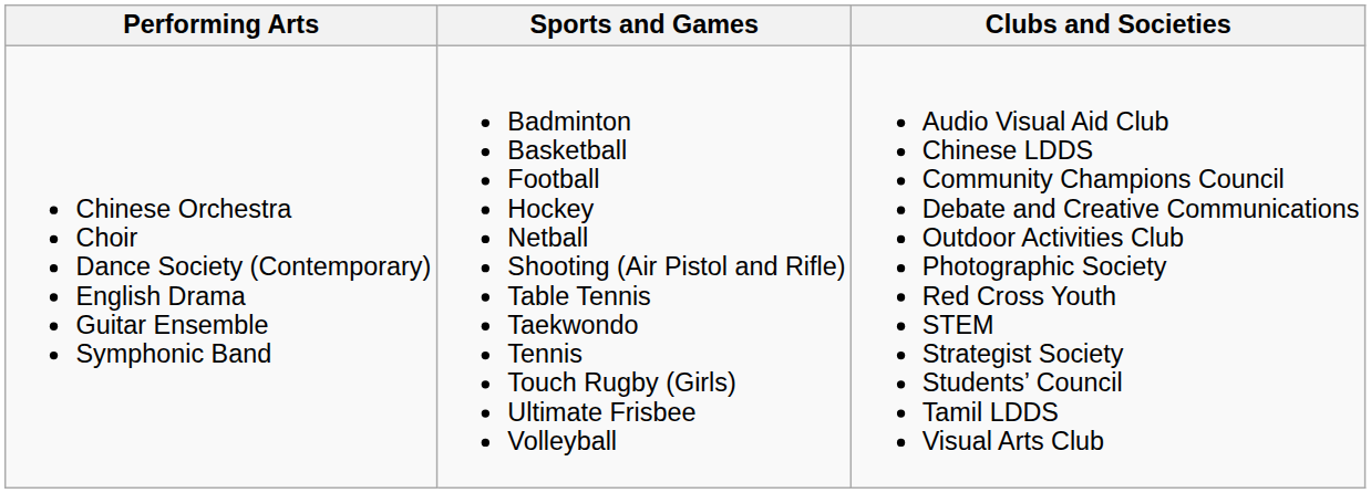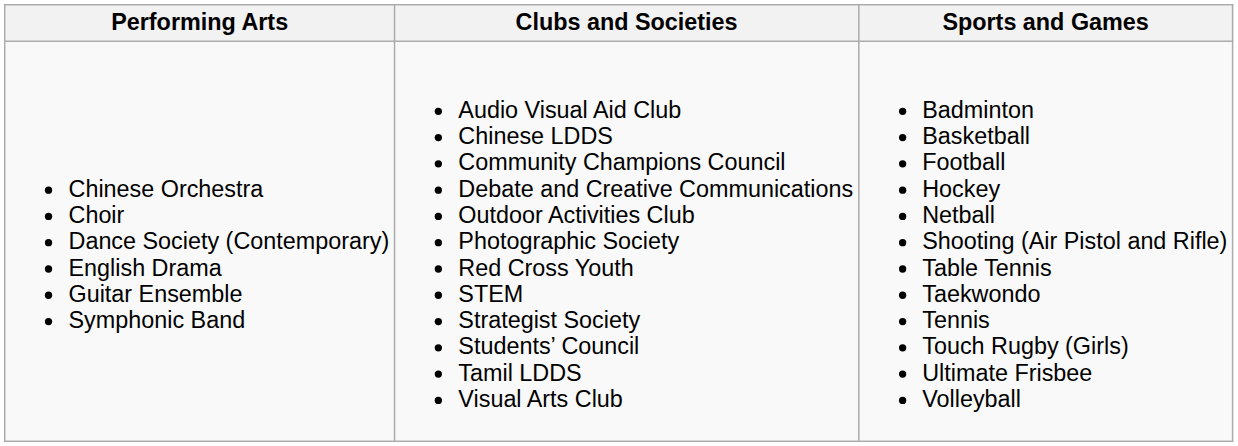 <table class="wikitable" border="1">
 <tr>
 <th>Performing Arts</th>
+<th>Clubs and Societies</th>
 <th>Sports and Games</th>
-<th>Clubs and Societies</th>
 </tr>
 <tr>
 <td><br><ul><li>Chinese Orchestra</li><li>Choir</li><li>Dance Society (Contemporary)</li><li>English Drama</li><li>Guitar Ensemble</li><li>Symphonic Band</li></ul></td>
+<td><br><ul><li>Audio Visual Aid Club</li><li>Chinese LDDS</li><li>Community Champions Council</li><li>Debate and Creative Communications</li><li>Outdoor Activities Club</li><li>Photographic Society</li><li>Red Cross Youth</li><li>STEM</li><li>Strategist Society</li><li>Students’ Council</li><li>Tamil LDDS</li><li>Visual Arts Club</li></ul></td>
 <td><br><ul><li>Badminton</li><li>Basketball</li><li>Football</li><li>Hockey</li><li>Netball</li><li>Shooting (Air Pistol and Rifle)</li><li>Table Tennis</li><li>Taekwondo</li><li>Tennis</li><li>Touch Rugby (Girls)</li><li>Ultimate Frisbee</li><li>Volleyball</li></ul></td>
-<td><br><ul><li>Audio Visual Aid Club</li><li>Chinese LDDS</li><li>Community Champions Council</li><li>Debate and Creative Communications</li><li>Outdoor Activities Club</li><li>Photographic Society</li><li>Red Cross Youth</li><li>STEM</li><li>Strategist Society</li><li>Students’ Council</li><li>Tamil LDDS</li><li>Visual Arts Club</li></ul></td>
 </tr>
 </table>
